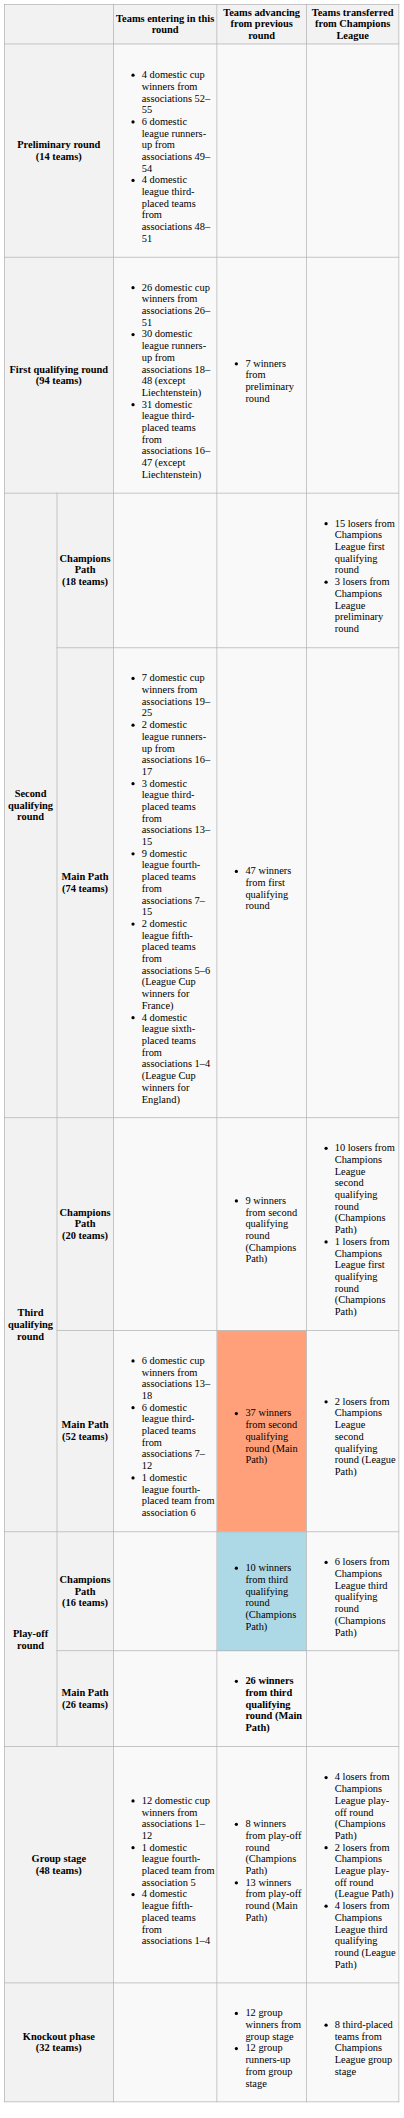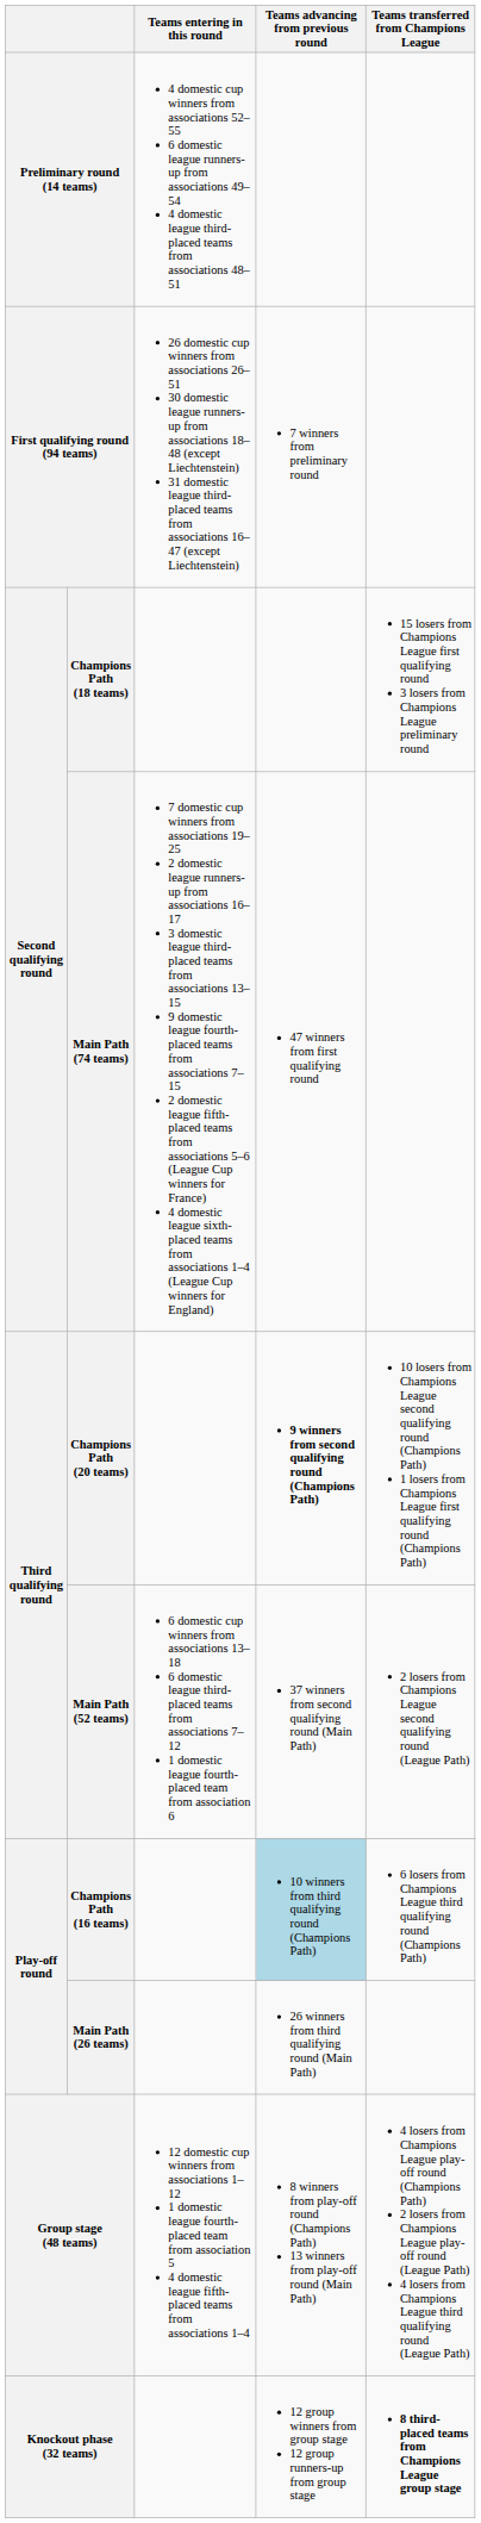 <table class="wikitable">
 <tr>
 <th colspan="2"></th>
 <th>Teams entering in this round</th>
 <th>Teams advancing from previous round</th>
 <th>Teams transferred from Champions League</th>
 </tr>
 <tr>
 <th colspan="2">Preliminary round<br>(14 teams)</th>
 <td><br><ul><li>4 domestic cup winners from associations 52–55</li><li>6 domestic league runners-up from associations 49–54</li><li>4 domestic league third-placed teams from associations 48–51</li></ul></td>
 <td></td>
 <td></td>
 </tr>
 <tr>
 <th colspan="2">First qualifying round<br>(94 teams)</th>
 <td><br><ul><li>26 domestic cup winners from associations 26–51</li><li>30 domestic league runners-up from associations 18–48 (except Liechtenstein)</li><li>31 domestic league third-placed teams from associations 16–47 (except Liechtenstein)</li></ul></td>
 <td><br><ul><li>7 winners from preliminary round</li></ul></td>
 <td></td>
 </tr>
 <tr>
 <th rowspan="2">Second qualifying round</th>
 <th>Champions Path<br>(18 teams)</th>
 <td></td>
 <td></td>
 <td><br><ul><li>15 losers from Champions League first qualifying round</li><li>3 losers from Champions League preliminary round</li></ul></td>
 </tr>
 <tr>
 <th>Main Path<br>(74 teams)</th>
 <td><br><ul><li>7 domestic cup winners from associations 19–25</li><li>2 domestic league runners-up from associations 16–17</li><li>3 domestic league third-placed teams from associations 13–15</li><li>9 domestic league fourth-placed teams from associations 7–15</li><li>2 domestic league fifth-placed teams from associations 5–6 (League Cup winners for France)</li><li>4 domestic league sixth-placed teams from associations 1–4 (League Cup winners for England)</li></ul></td>
 <td><br><ul><li>47 winners from first qualifying round</li></ul></td>
 <td></td>
 </tr>
 <tr>
 <th rowspan="2">Third qualifying round</th>
 <th>Champions Path<br>(20 teams)</th>
 <td></td>
-<td><br><ul><li>9 winners from second qualifying round (Champions Path)</li></ul></td>
+<td><strong><br><ul><li>9 winners from second qualifying round (Champions Path)</li></ul></strong></td>
 <td><br><ul><li>10 losers from Champions League second qualifying round (Champions Path)</li><li>1 losers from Champions League first qualifying round (Champions Path)</li></ul></td>
 </tr>
 <tr>
 <th>Main Path<br>(52 teams)</th>
 <td><br><ul><li>6 domestic cup winners from associations 13–18</li><li>6 domestic league third-placed teams from associations 7–12</li><li>1 domestic league fourth-placed team from association 6</li></ul></td>
-<td style="background: lightsalmon;"><br><ul><li>37 winners from second qualifying round (Main Path)</li></ul></td>
+<td><br><ul><li>37 winners from second qualifying round (Main Path)</li></ul></td>
 <td><br><ul><li>2 losers from Champions League second qualifying round (League Path)</li></ul></td>
 </tr>
 <tr>
 <th rowspan="2">Play-off round</th>
 <th>Champions Path<br>(16 teams)</th>
 <td></td>
 <td style="background: lightblue;"><br><ul><li>10 winners from third qualifying round (Champions Path)</li></ul></td>
 <td><br><ul><li>6 losers from Champions League third qualifying round (Champions Path)</li></ul></td>
 </tr>
 <tr>
 <th>Main Path<br>(26 teams)</th>
 <td></td>
-<td><strong><br><ul><li>26 winners from third qualifying round (Main Path)</li></ul></strong></td>
+<td><br><ul><li>26 winners from third qualifying round (Main Path)</li></ul></td>
 <td></td>
 </tr>
 <tr>
 <th colspan="2">Group stage<br>(48 teams)</th>
 <td><br><ul><li>12 domestic cup winners from associations 1–12</li><li>1 domestic league fourth-placed team from association 5</li><li>4 domestic league fifth-placed teams from associations 1–4</li></ul></td>
 <td><br><ul><li>8 winners from play-off round (Champions Path)</li><li>13 winners from play-off round (Main Path)</li></ul></td>
 <td><br><ul><li>4 losers from Champions League play-off round (Champions Path)</li><li>2 losers from Champions League play-off round (League Path)</li><li>4 losers from Champions League third qualifying round (League Path)</li></ul></td>
 </tr>
 <tr>
 <th colspan="2">Knockout phase<br>(32 teams)</th>
 <td></td>
 <td><br><ul><li>12 group winners from group stage</li><li>12 group runners-up from group stage</li></ul></td>
-<td><br><ul><li>8 third-placed teams from Champions League group stage</li></ul></td>
+<td><strong><br><ul><li>8 third-placed teams from Champions League group stage</li></ul></strong></td>
 </tr>
 </table>
